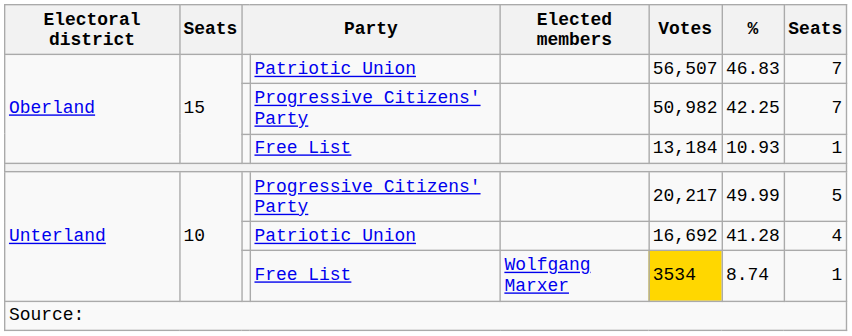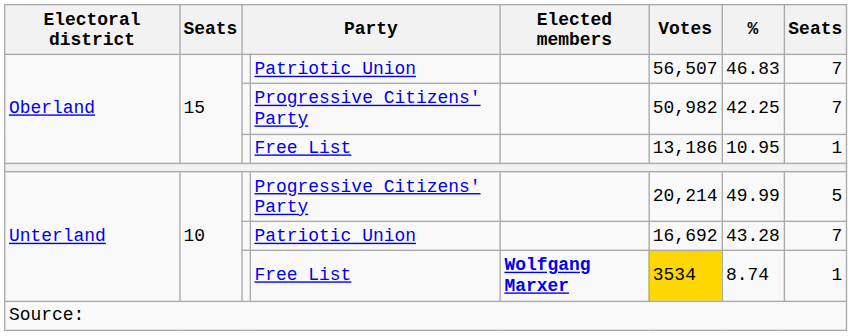 <table class="wikitable">
 <tr>
 <th>Electoral district</th>
 <th>Seats</th>
 <th colspan="2">Party</th>
 <th>Elected members</th>
 <th>Votes</th>
 <th>%</th>
 <th>Seats</th>
 </tr>
 <tr>
 <td rowspan="3"><a href='#'>Oberland</a></td>
 <td rowspan="3">15</td>
 <td></td>
 <td><a href='#'>Patriotic Union</a></td>
 <td></td>
 <td>56,507</td>
 <td>46.83</td>
 <td align="right">7</td>
 </tr>
 <tr>
 <td></td>
 <td><a href='#'>Progressive Citizens' Party</a></td>
 <td></td>
 <td>50,982</td>
 <td>42.25</td>
 <td align="right">7</td>
 </tr>
 <tr>
 <td></td>
 <td><a href='#'>Free List</a></td>
 <td></td>
-<td>13,184</td>
-<td>10.93</td>
+<td>13,186</td>
+<td>10.95</td>
 <td align="right">1</td>
 </tr>
 <tr>
 <th colspan="8"></th>
 </tr>
 <tr>
 <td rowspan="3"><a href='#'>Unterland</a></td>
 <td rowspan="3">10</td>
 <td></td>
 <td><a href='#'>Progressive Citizens' Party</a></td>
 <td></td>
-<td>20,217</td>
+<td>20,214</td>
 <td>49.99</td>
 <td align="right">5</td>
 </tr>
 <tr>
 <td></td>
 <td><a href='#'>Patriotic Union</a></td>
 <td></td>
 <td>16,692</td>
-<td>41.28</td>
-<td align="right">4</td>
+<td>43.28</td>
+<td align="right">7</td>
 </tr>
 <tr>
 <td></td>
 <td><a href='#'>Free List</a></td>
-<td><a href='#'>Wolfgang Marxer</a></td>
+<td><strong><a href='#'>Wolfgang Marxer</a></strong></td>
 <td style="background: gold;">3534</td>
 <td>8.74</td>
 <td align="right">1</td>
 </tr>
 <tr>
 <td colspan="8">Source: </td>
 </tr>
 </table>
